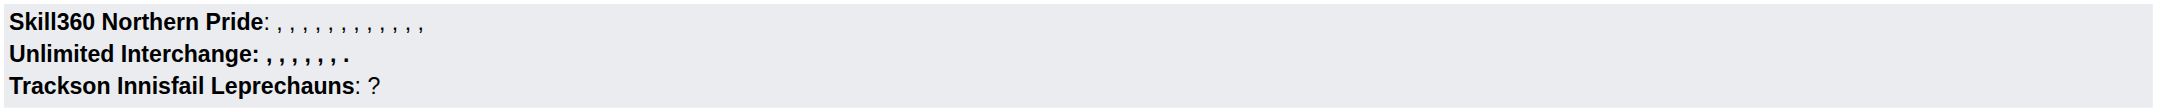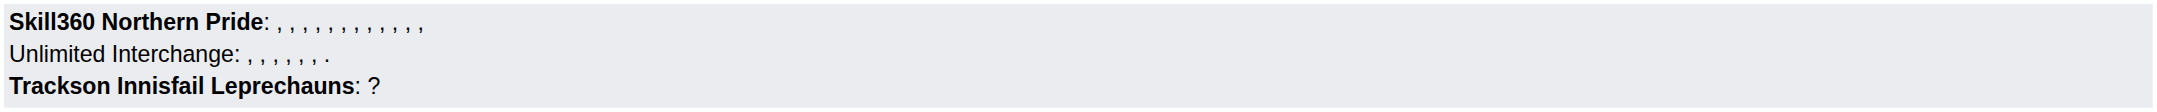 <table style="background:#eaecf0; font-size:85%; width:100%;">
 <tr>
 <td><strong>Skill360 Northern Pride</strong>: , , , , , , , , , , , , </td>
 </tr>
 <tr>
-<td><strong>Unlimited Interchange: , , , , , , .</strong></td>
+<td>Unlimited Interchange: , , , , , , .</td>
 </tr>
 <tr>
 <td><strong>Trackson Innisfail Leprechauns</strong>: ?</td>
 </tr>
 <tr>
 </tr>
 </table>
